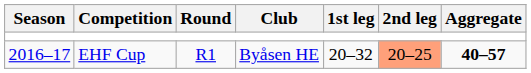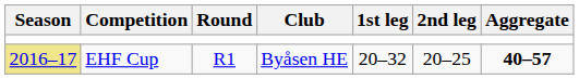 <table class="wikitable">
 <tr>
 <th>Season</th>
 <th>Competition</th>
 <th>Round</th>
 <th>Club</th>
 <th>1st leg</th>
 <th>2nd leg</th>
 <th>Aggregate</th>
 </tr>
 <tr>
 <td colspan="7" bgcolor=white></td>
 </tr>
 <tr>
-<td><a href='#'>2016–17</a></td>
+<td style="background: khaki;"><a href='#'>2016–17</a></td>
 <td><a href='#'>EHF Cup</a></td>
 <td style="text-align:center;"><a href='#'>R1</a></td>
 <td> <a href='#'>Byåsen HE</a></td>
 <td style="text-align:center;">20–32</td>
-<td style="background: lightsalmon; text-align:center;">20–25</td>
+<td style="text-align:center;">20–25</td>
 <td style="text-align:center;"><strong>40–57</strong></td>
 </tr>
 </table>
